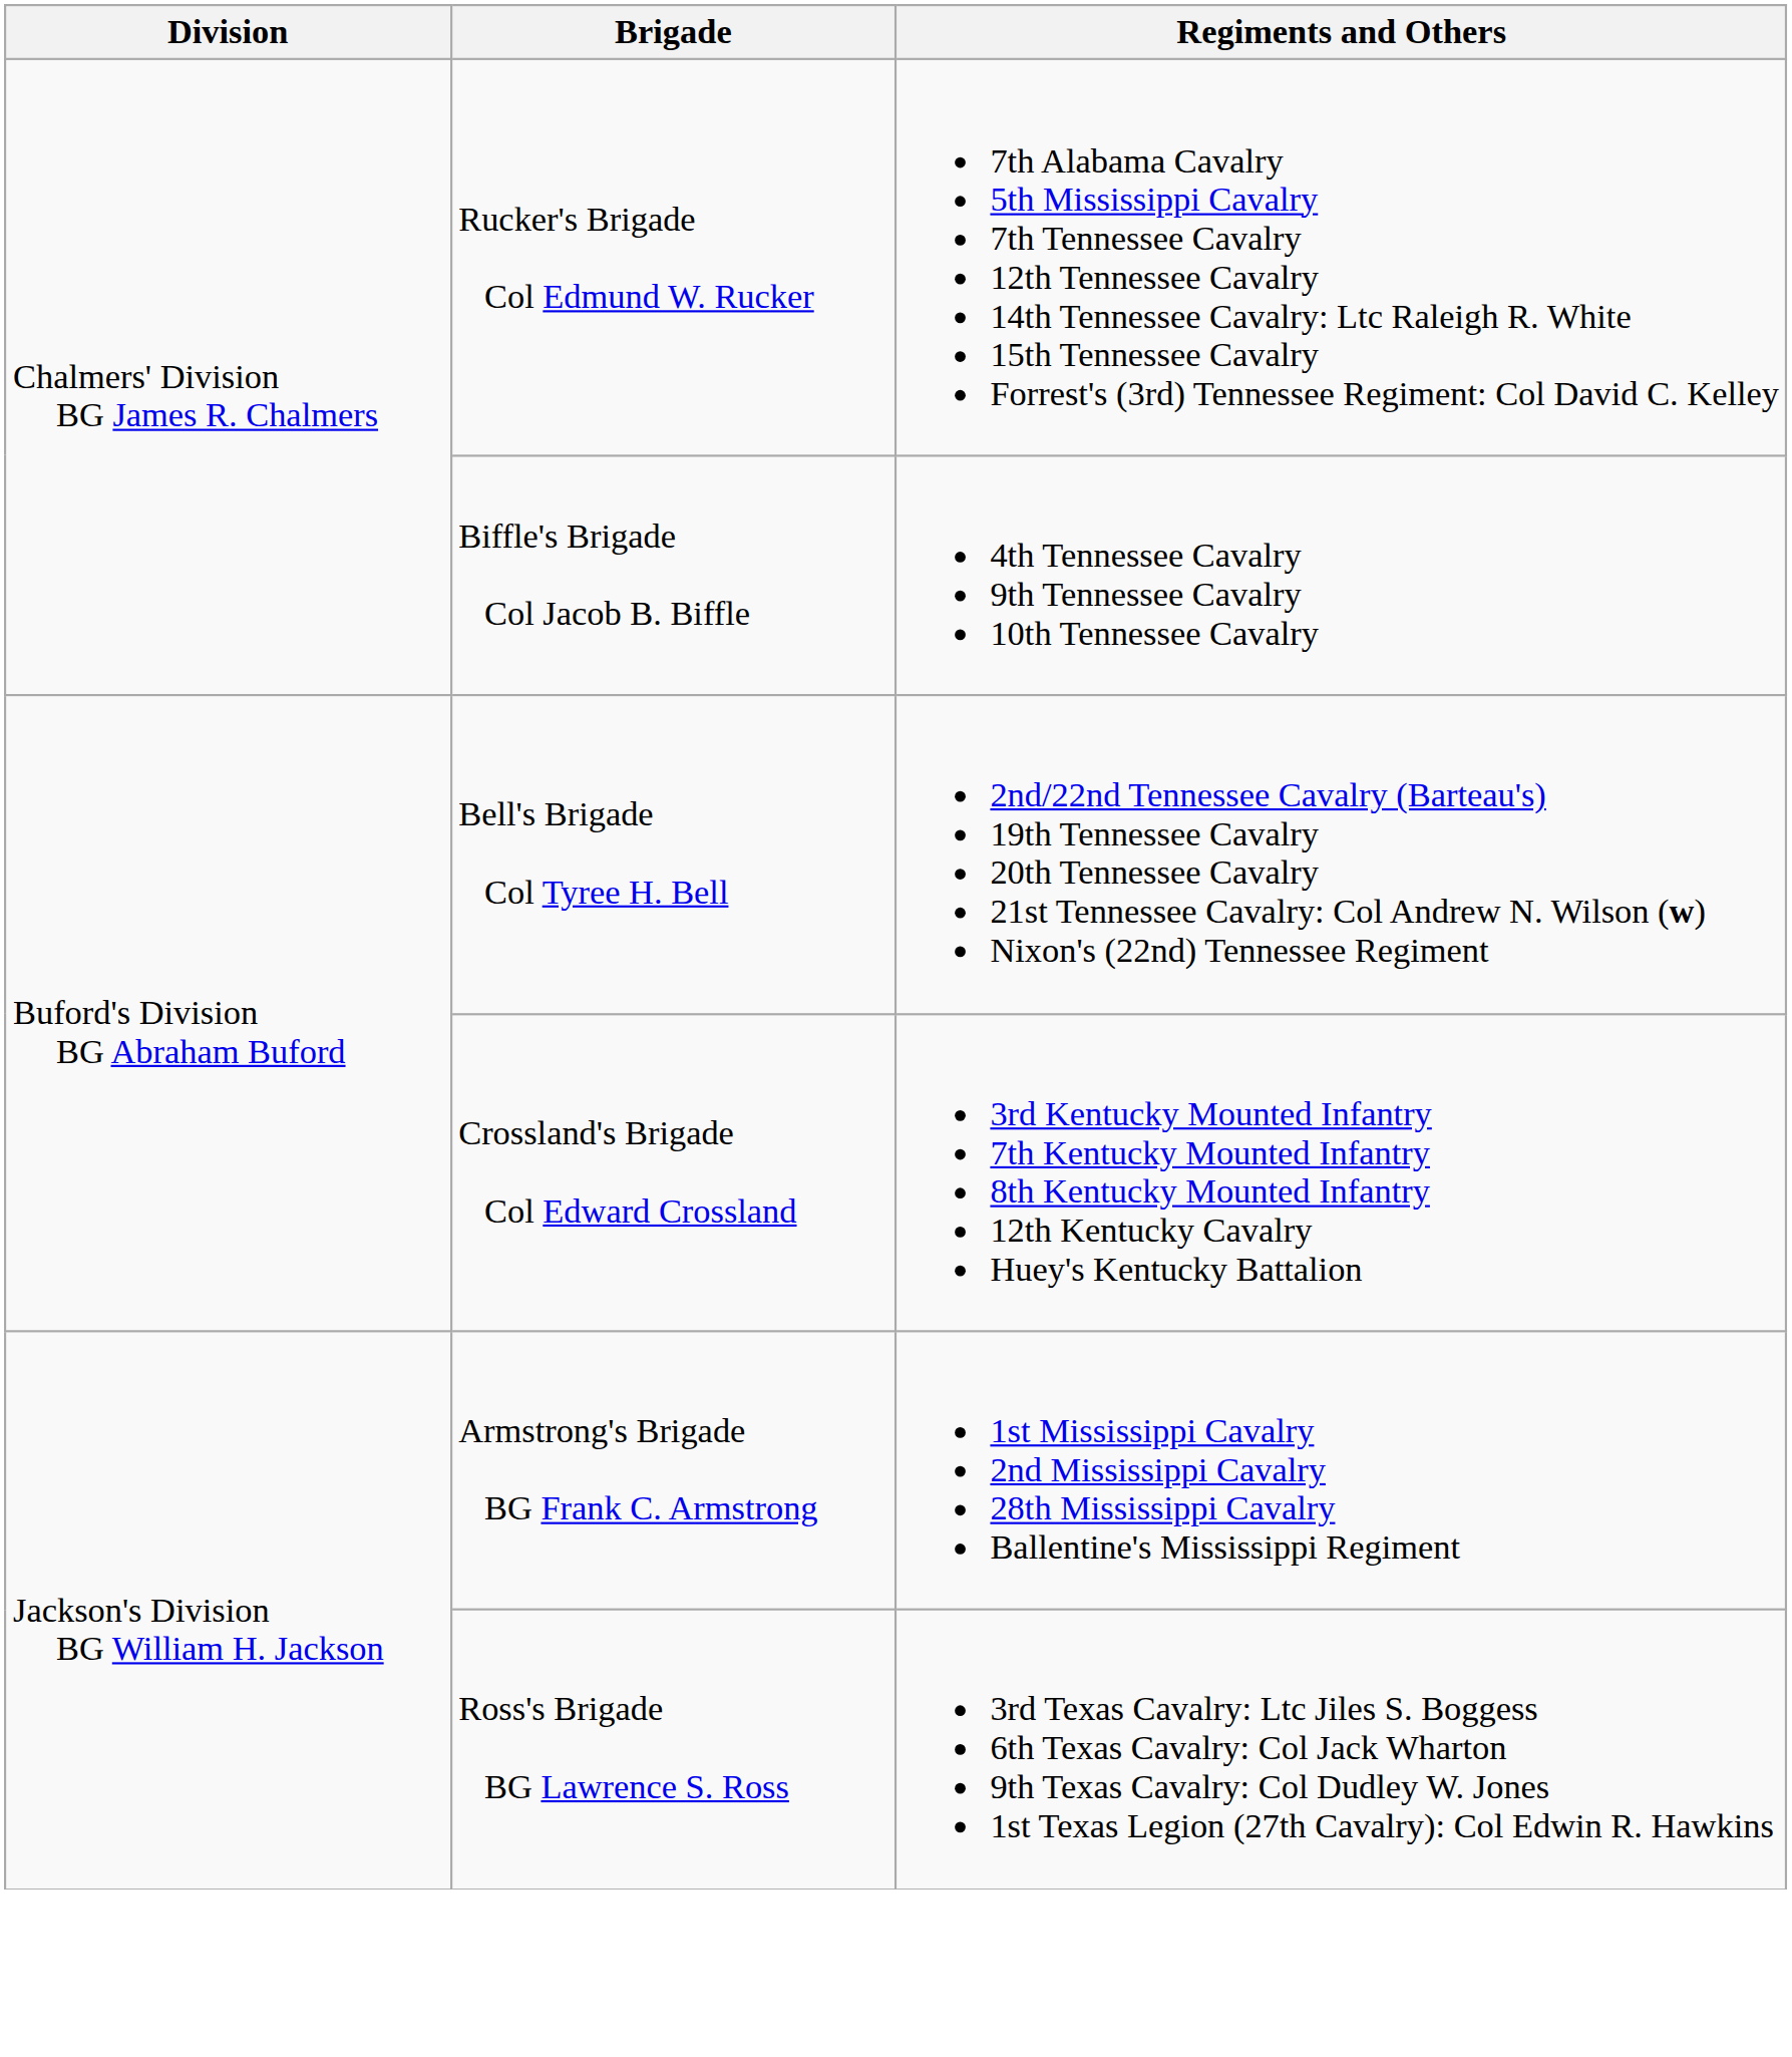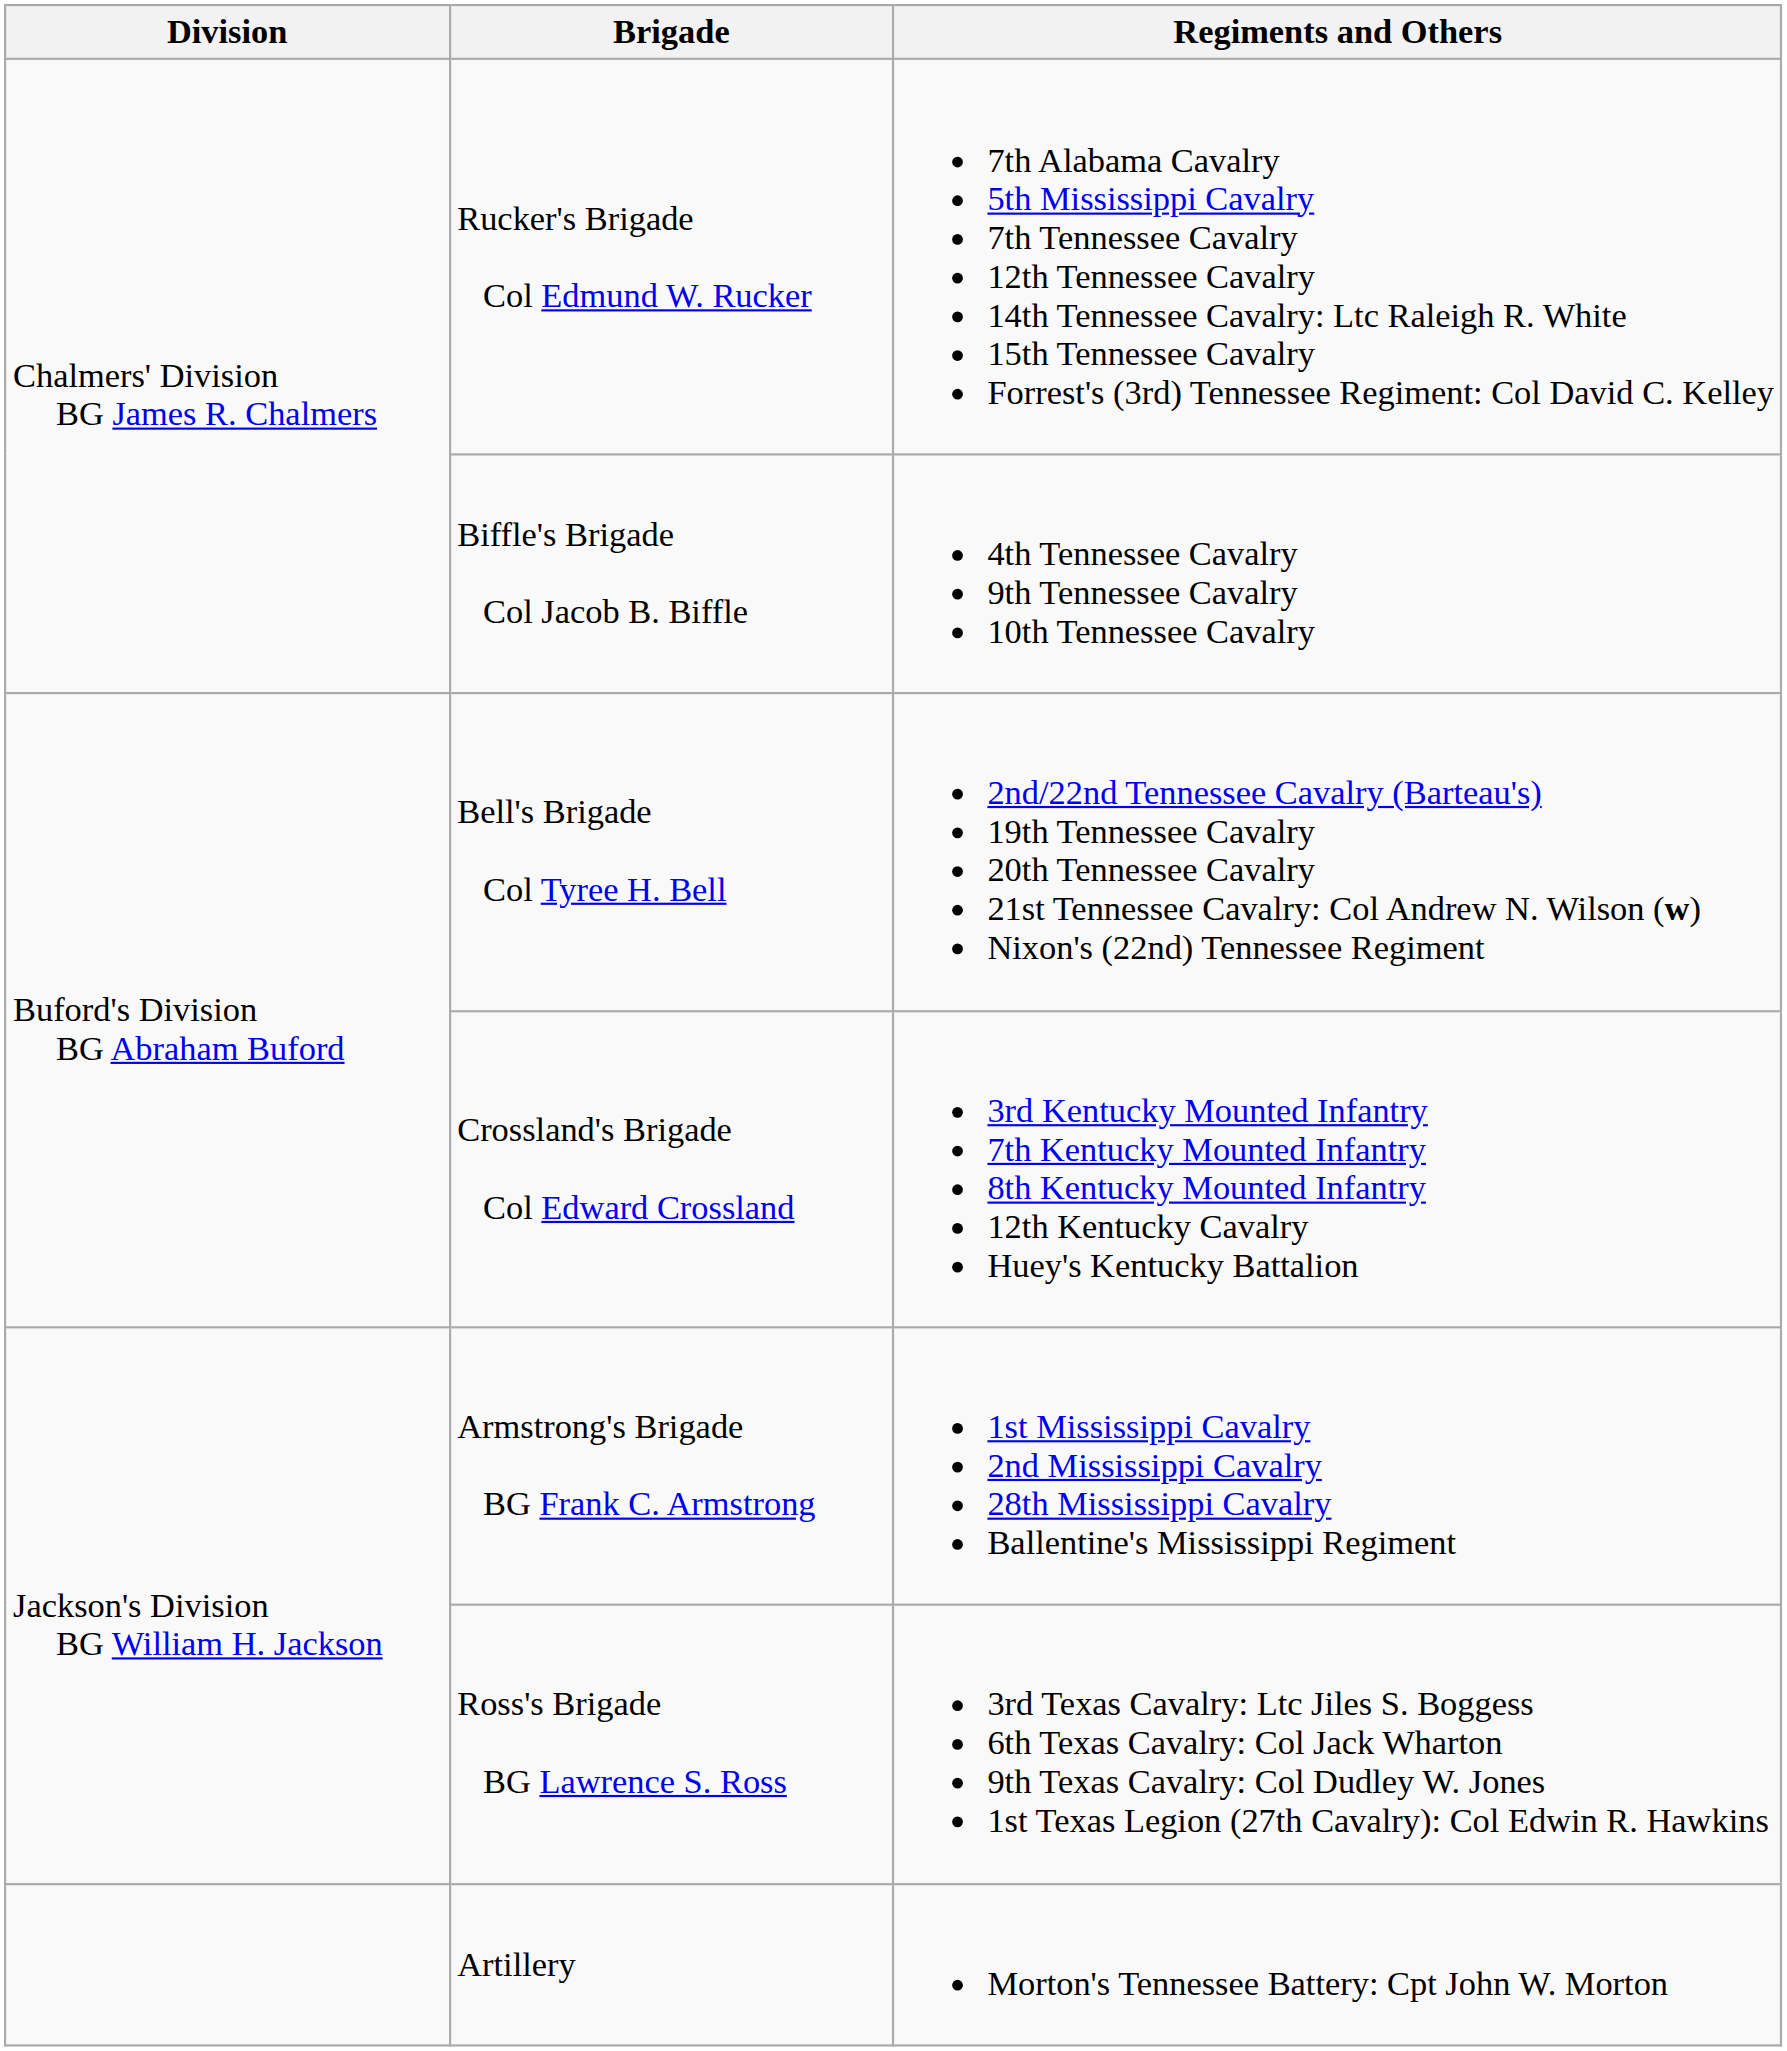 <table class="wikitable">
 <tr>
 <th width=25%>Division</th>
 <th width=25%>Brigade</th>
 <th>Regiments and Others</th>
 </tr>
 <tr>
 <td rowspan=2><br>Chalmers' Division <br>     BG <a href='#'>James R. Chalmers</a></td>
 <td>Rucker's Brigade<br><br>   Col <a href='#'>Edmund W. Rucker</a></td>
 <td><br><ul><li>7th Alabama Cavalry</li><li><a href='#'>5th Mississippi Cavalry</a></li><li>7th Tennessee Cavalry</li><li>12th Tennessee Cavalry</li><li>14th Tennessee Cavalry: Ltc Raleigh R. White</li><li>15th Tennessee Cavalry</li><li>Forrest's (3rd) Tennessee Regiment: Col David C. Kelley</li></ul></td>
 </tr>
 <tr>
 <td>Biffle's Brigade<br><br>   Col Jacob B. Biffle</td>
 <td><br><ul><li>4th Tennessee Cavalry</li><li>9th Tennessee Cavalry</li><li>10th Tennessee Cavalry</li></ul></td>
 </tr>
 <tr>
 <td rowspan=2><br>Buford's Division <br>     BG <a href='#'>Abraham Buford</a></td>
 <td>Bell's Brigade<br><br>   Col <a href='#'>Tyree H. Bell</a></td>
 <td><br><ul><li><a href='#'>2nd/22nd Tennessee Cavalry (Barteau's)</a></li><li>19th Tennessee Cavalry</li><li>20th Tennessee Cavalry</li><li>21st Tennessee Cavalry: Col Andrew N. Wilson (<strong>w</strong>)</li><li>Nixon's (22nd) Tennessee Regiment</li></ul></td>
 </tr>
 <tr>
 <td>Crossland's Brigade<br><br>   Col <a href='#'>Edward Crossland</a></td>
 <td><br><ul><li><a href='#'>3rd Kentucky Mounted Infantry</a></li><li><a href='#'>7th Kentucky Mounted Infantry</a></li><li><a href='#'>8th Kentucky Mounted Infantry</a></li><li>12th Kentucky Cavalry</li><li>Huey's Kentucky Battalion</li></ul></td>
 </tr>
 <tr>
 <td rowspan=2><br>Jackson's Division <br>     BG <a href='#'>William H. Jackson</a></td>
 <td>Armstrong's Brigade<br><br>   BG <a href='#'>Frank C. Armstrong</a></td>
 <td><br><ul><li><a href='#'>1st Mississippi Cavalry</a></li><li><a href='#'>2nd Mississippi Cavalry</a></li><li><a href='#'>28th Mississippi Cavalry</a></li><li>Ballentine's Mississippi Regiment</li></ul></td>
 </tr>
 <tr>
 <td>Ross's Brigade<br><br>   BG <a href='#'>Lawrence S. Ross</a></td>
 <td><br><ul><li>3rd Texas Cavalry: Ltc Jiles S. Boggess</li><li>6th Texas Cavalry: Col Jack Wharton</li><li>9th Texas Cavalry: Col Dudley W. Jones</li><li>1st Texas Legion (27th Cavalry): Col Edwin R. Hawkins</li></ul></td>
 </tr>
+<tr>
+<td></td>
+<td>Artillery</td>
+<td><br><ul><li>Morton's Tennessee Battery: Cpt John W. Morton</li></ul></td>
+</tr>
 </table>
